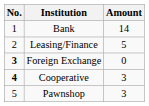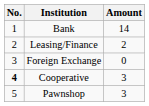 <table class="wikitable" style="text-align:center">
 <tr>
 <th>No.</th>
 <th>Institution</th>
 <th>Amount</th>
 </tr>
 <tr>
 <td>1</td>
 <td>Bank</td>
 <td>14</td>
 </tr>
 <tr>
 <td>2</td>
 <td>Leasing/Finance</td>
-<td>5</td>
+<td>2</td>
 </tr>
 <tr>
-<td><strong>3</strong></td>
+<td>3</td>
 <td>Foreign Exchange</td>
 <td>0</td>
 </tr>
 <tr>
 <td><strong>4</strong></td>
 <td>Cooperative</td>
 <td>3</td>
 </tr>
 <tr>
 <td>5</td>
 <td>Pawnshop</td>
 <td>3</td>
 </tr>
 </table>
